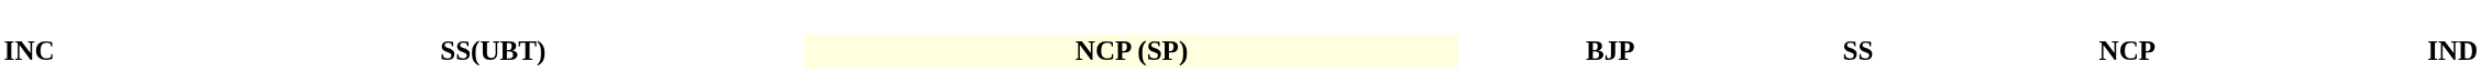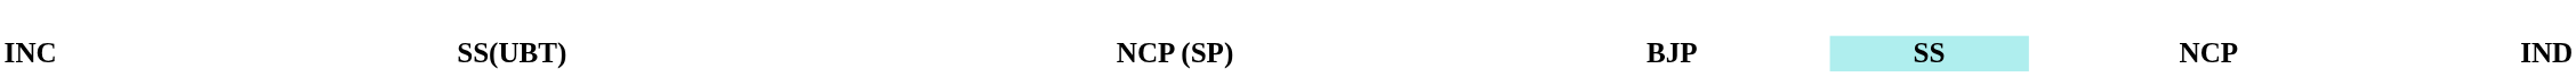 <table style="width:100%; text-align:center;">
 <tr style="color:white;">
 <td style="background:"><strong>13</strong></td>
 <td style="background:"><strong>9</strong></td>
 <td style="background:"><strong>8</strong></td>
 <td style="background:"><strong>9</strong></td>
 <td style="background:"><strong>7</strong></td>
 <td style="background:"><strong>1</strong></td>
 <td style="background:"><span><strong>1</strong></span></td>
 </tr>
 <tr>
 <td><span><strong>INC</strong></span></td>
 <td><span><strong>SS(UBT)</strong></span></td>
-<td style="background: lightyellow;"><span><strong>NCP (SP)</strong></span></td>
+<td><span><strong>NCP (SP)</strong></span></td>
 <td><span><strong>BJP</strong></span></td>
-<td><span><strong>SS</strong></span></td>
+<td style="background: paleturquoise;"><span><strong>SS</strong></span></td>
 <td><span><strong>NCP</strong></span></td>
 <td><span><strong>IND</strong></span></td>
 </tr>
 </table>
